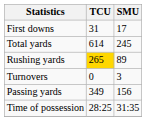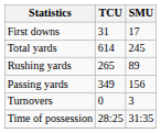 <table class="wikitable">
 <tr>
 <th>Statistics</th>
 <th>TCU</th>
 <th>SMU</th>
 </tr>
 <tr>
 <td>First downs</td>
 <td>31</td>
 <td>17</td>
 </tr>
 <tr>
 <td>Total yards</td>
 <td>614</td>
 <td>245</td>
 </tr>
 <tr>
 <td>Rushing yards</td>
-<td style="background: gold;">265</td>
+<td>265</td>
 <td>89</td>
+</tr>
+<tr>
+<td>Passing yards</td>
+<td>349</td>
+<td>156</td>
 </tr>
 <tr>
 <td>Turnovers</td>
 <td>0</td>
 <td>3</td>
-</tr>
-<tr>
-<td>Passing yards</td>
-<td>349</td>
-<td>156</td>
 </tr>
 <tr>
 <td>Time of possession</td>
 <td>28:25</td>
 <td>31:35</td>
 </tr>
 <tr>
 </tr>
 </table>
